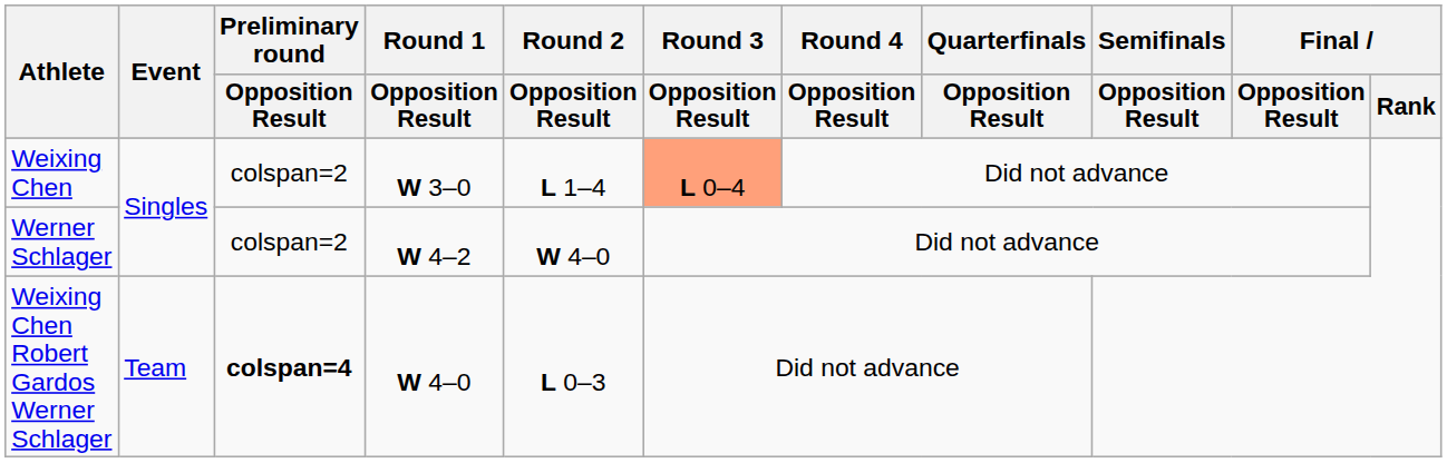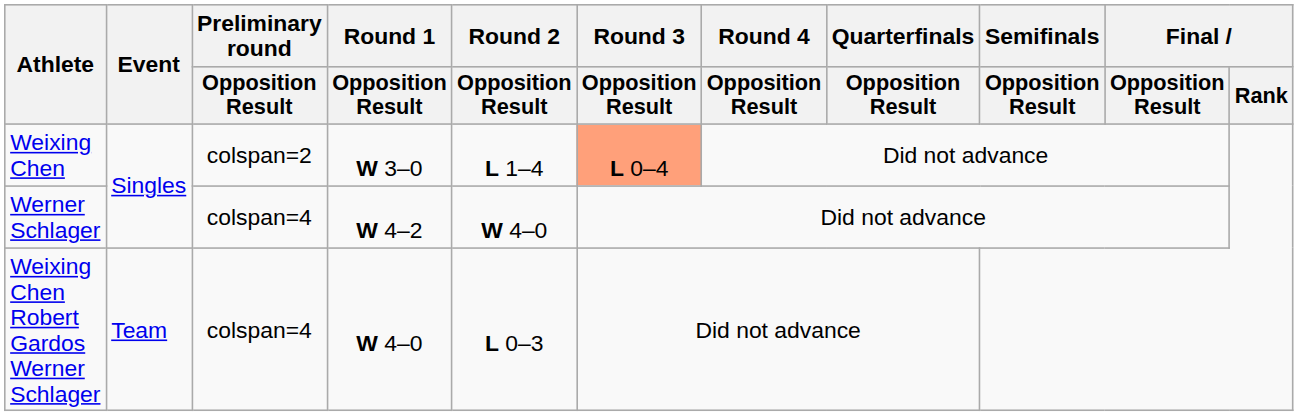 <table class="wikitable" style="font-size:90%">
 <tr>
 <th rowspan="2">Athlete</th>
 <th rowspan="2">Event</th>
 <th>Preliminary round</th>
 <th>Round 1</th>
 <th>Round 2</th>
 <th>Round 3</th>
 <th>Round 4</th>
 <th>Quarterfinals</th>
 <th>Semifinals</th>
 <th colspan=2>Final / </th>
 </tr>
 <tr style="font-size:95%">
 <th>Opposition<br>Result</th>
 <th>Opposition<br>Result</th>
 <th>Opposition<br>Result</th>
 <th>Opposition<br>Result</th>
 <th>Opposition<br>Result</th>
 <th>Opposition<br>Result</th>
 <th>Opposition<br>Result</th>
 <th>Opposition<br>Result</th>
 <th>Rank</th>
 </tr>
 <tr align=center>
 <td align=left><a href='#'>Weixing Chen</a></td>
 <td align=left rowspan=2><a href='#'>Singles</a></td>
 <td>colspan=2 </td>
 <td><br><strong>W</strong> 3–0</td>
 <td><br><strong>L</strong> 1–4</td>
 <td style="background: lightsalmon;"><br><strong>L</strong> 0–4</td>
 <td colspan=4>Did not advance</td>
 </tr>
 <tr align=center>
 <td align=left><a href='#'>Werner Schlager</a></td>
-<td>colspan=2 </td>
+<td>colspan=4 </td>
 <td><br><strong>W</strong> 4–2</td>
 <td><br><strong>W</strong> 4–0</td>
 <td colspan=5>Did not advance</td>
 </tr>
 <tr align=center>
 <td align=left><a href='#'>Weixing Chen</a><br><a href='#'>Robert Gardos</a><br><a href='#'>Werner Schlager</a></td>
 <td align=left><a href='#'>Team</a></td>
-<td><strong>colspan=4 </strong></td>
+<td>colspan=4 </td>
 <td><br><strong>W</strong> 4–0</td>
 <td><br><strong>L</strong> 0–3</td>
 <td colspan=3>Did not advance</td>
 </tr>
 </table>
